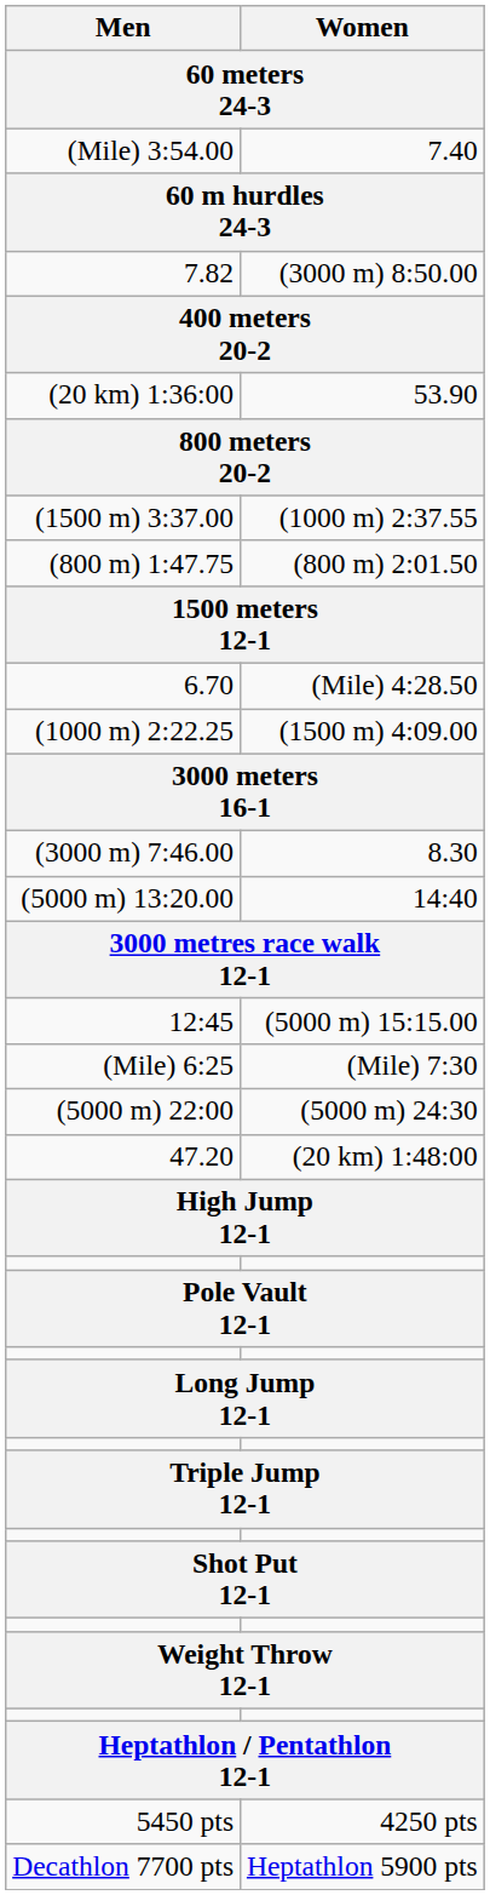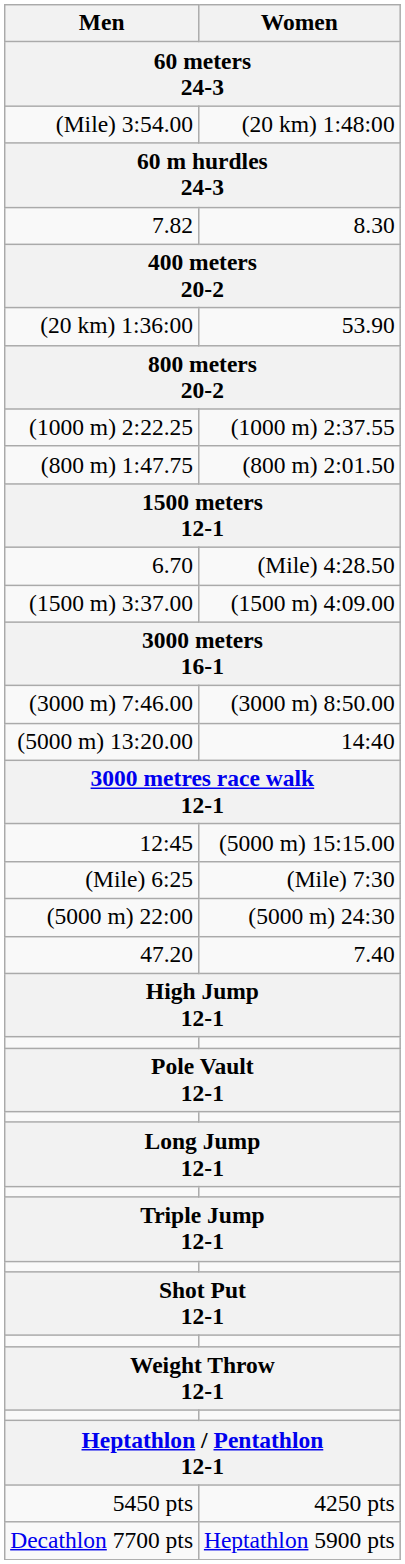 <table class="wikitable sortable collapsible " style="text-align:right;">
 <tr>
 <th>Men</th>
 <th>Women</th>
 </tr>
 <tr>
 <th colspan="2">60 meters<br>24-3</th>
 </tr>
 <tr>
 <td>(Mile) 3:54.00</td>
-<td>7.40</td>
+<td>(20 km) 1:48:00</td>
 </tr>
 <tr>
 <th colspan="2">60 m hurdles<br>24-3</th>
 </tr>
 <tr>
 <td>7.82</td>
-<td>(3000 m) 8:50.00</td>
+<td>8.30</td>
 </tr>
 <tr>
 <th colspan="2">400 meters<br>20-2</th>
 </tr>
 <tr>
 <td>(20 km) 1:36:00</td>
 <td>53.90</td>
 </tr>
 <tr>
 <th colspan="2">800 meters<br>20-2</th>
 </tr>
 <tr>
-<td>(1500 m) 3:37.00</td>
+<td>(1000 m) 2:22.25</td>
 <td>(1000 m) 2:37.55</td>
 </tr>
 <tr>
 <td>(800 m) 1:47.75</td>
 <td>(800 m) 2:01.50</td>
 </tr>
 <tr>
 <th colspan="2">1500 meters<br>12-1</th>
 </tr>
 <tr>
 <td>6.70</td>
 <td>(Mile) 4:28.50</td>
 </tr>
 <tr>
-<td>(1000 m) 2:22.25</td>
+<td>(1500 m) 3:37.00</td>
 <td>(1500 m) 4:09.00</td>
 </tr>
 <tr>
 <th colspan="2">3000 meters<br>16-1</th>
 </tr>
 <tr>
 <td>(3000 m) 7:46.00</td>
-<td>8.30</td>
+<td>(3000 m) 8:50.00</td>
 </tr>
 <tr>
 <td>(5000 m) 13:20.00</td>
 <td>14:40</td>
 </tr>
 <tr>
 <th colspan="2"><a href='#'>3000 metres race walk</a><br>12-1</th>
 </tr>
 <tr>
 <td>12:45</td>
 <td>(5000 m) 15:15.00</td>
 </tr>
 <tr>
 <td>(Mile) 6:25</td>
 <td>(Mile) 7:30</td>
 </tr>
 <tr>
 <td>(5000 m) 22:00</td>
 <td>(5000 m) 24:30</td>
 </tr>
 <tr>
 <td>47.20</td>
-<td>(20 km) 1:48:00</td>
+<td>7.40</td>
 </tr>
 <tr>
 <th colspan="2">High Jump<br>12-1</th>
 </tr>
 <tr>
 <td></td>
 <td></td>
 </tr>
 <tr>
 <th colspan="2">Pole Vault<br>12-1</th>
 </tr>
 <tr>
 <td></td>
 <td></td>
 </tr>
 <tr>
 <th colspan="2">Long Jump<br>12-1</th>
 </tr>
 <tr>
 <td></td>
 <td></td>
 </tr>
 <tr>
 <th colspan="2">Triple Jump<br>12-1</th>
 </tr>
 <tr>
 <td></td>
 <td></td>
 </tr>
 <tr>
 <th colspan="2">Shot Put<br>12-1</th>
 </tr>
 <tr>
 <td></td>
 <td></td>
 </tr>
 <tr>
 <th colspan="2">Weight Throw<br>12-1</th>
 </tr>
 <tr>
 <td></td>
 <td></td>
 </tr>
 <tr>
 <th colspan="2"><a href='#'>Heptathlon</a> / <a href='#'>Pentathlon</a><br>12-1</th>
 </tr>
 <tr>
 <td>5450 pts</td>
 <td>4250 pts</td>
 </tr>
 <tr>
 <td><a href='#'>Decathlon</a> 7700 pts</td>
 <td><a href='#'>Heptathlon</a> 5900 pts</td>
 </tr>
 <tr>
 </tr>
 </table>
